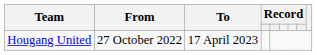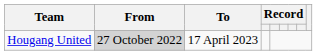 <table class=wikitable style="text-align: center">
 <tr>
 <th rowspan=2>Team</th>
 <th rowspan=2>From</th>
 <th rowspan=2>To</th>
 <th colspan=5>Record</th>
 <th rowspan=2></th>
 </tr>
 <tr>
 <th></th>
 <th></th>
 <th></th>
 <th></th>
 <th></th>
 </tr>
 <tr>
 <td align=left><a href='#'>Hougang United</a></td>
-<td align=left>27 October 2022</td>
+<td align=left style="background: lightgrey;">27 October 2022</td>
 <td align=left>17 April 2023<br></td>
 <td></td>
 </tr>
 </table>
